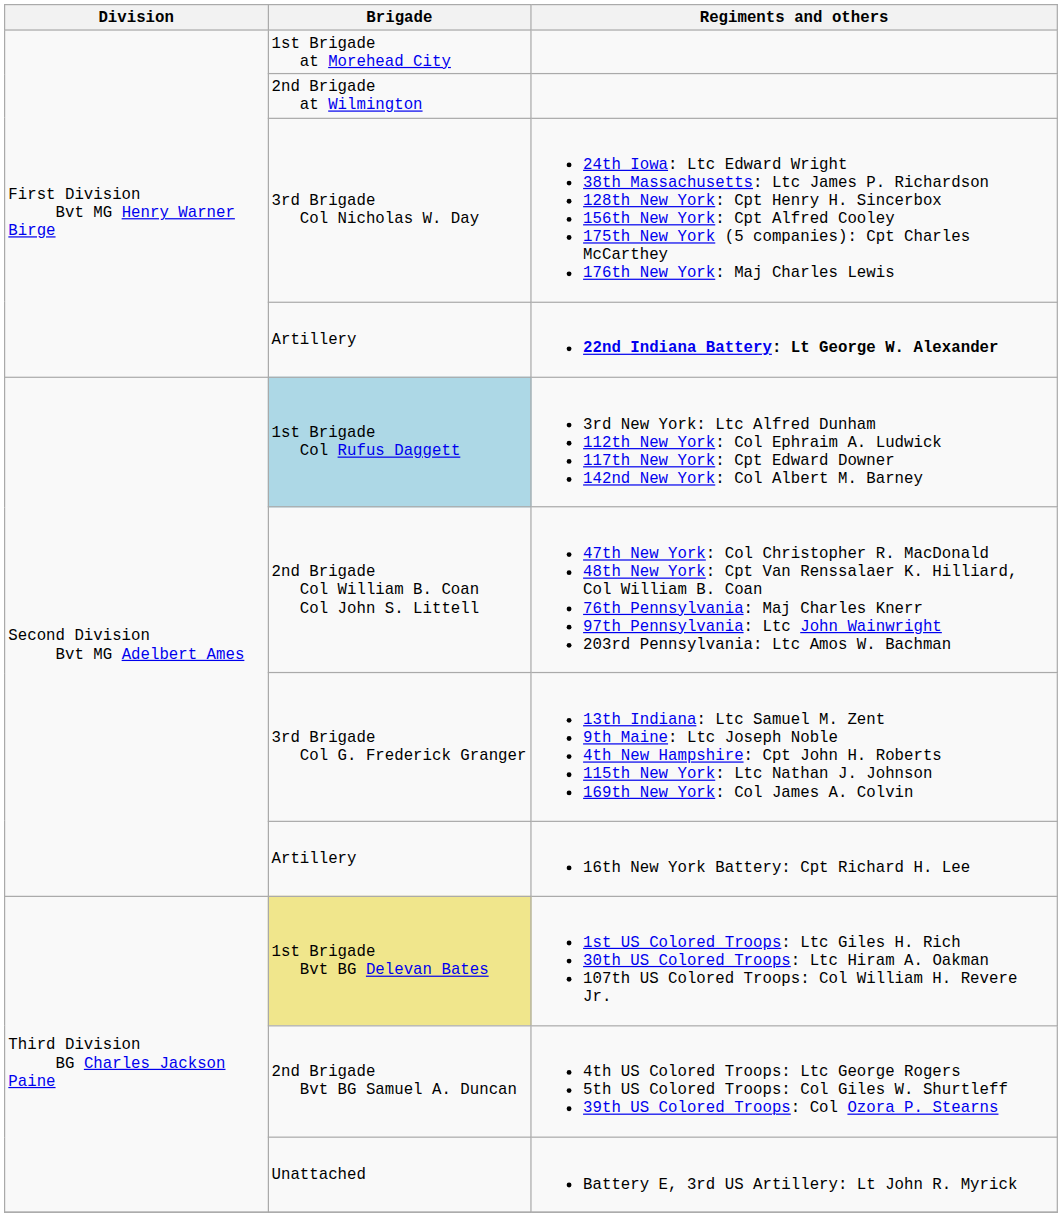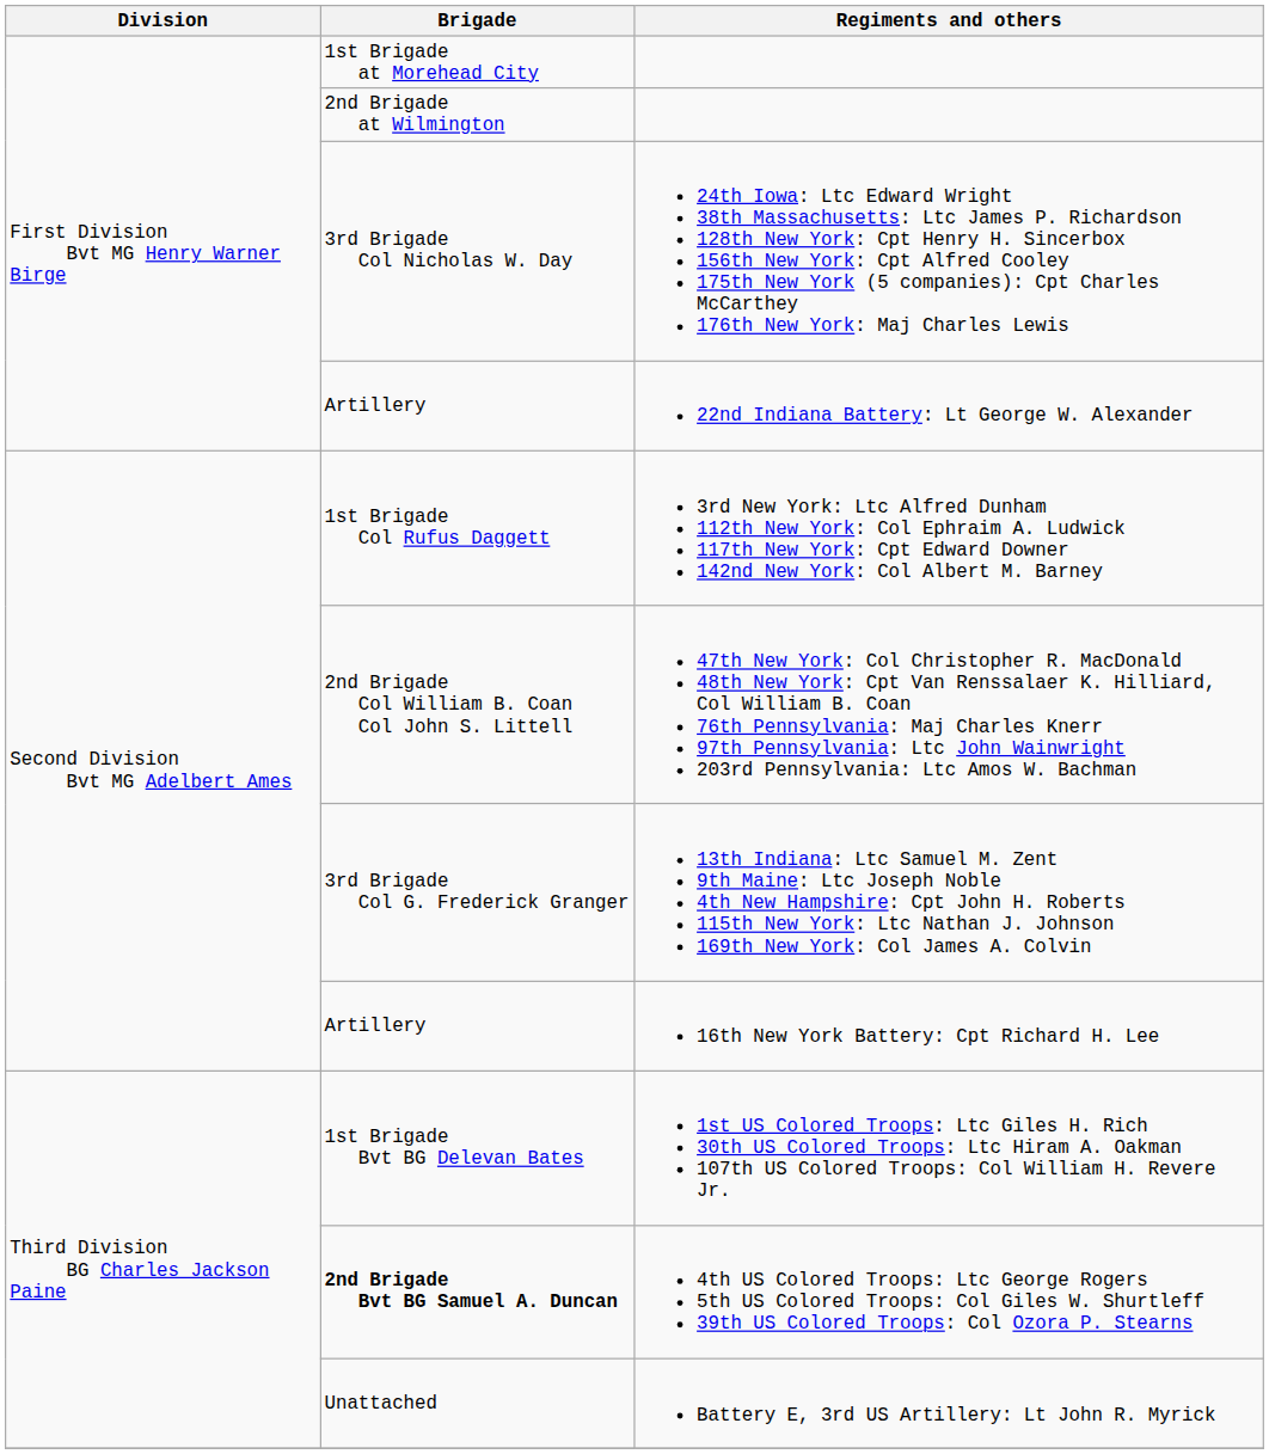 <table class="wikitable">
 <tr>
 <th width=25%>Division</th>
 <th width=25%>Brigade</th>
 <th>Regiments and others</th>
 </tr>
 <tr>
 <td rowspan=4><br>First Division <br>     Bvt MG <a href='#'>Henry Warner Birge</a></td>
 <td>1st Brigade<br>   at <a href='#'>Morehead City</a></td>
 <td></td>
 </tr>
 <tr>
 <td>2nd Brigade<br>   at <a href='#'>Wilmington</a></td>
 <td></td>
 </tr>
 <tr>
 <td>3rd Brigade<br>   Col Nicholas W. Day</td>
 <td><br><ul><li><a href='#'>24th Iowa</a>: Ltc Edward Wright</li><li><a href='#'>38th Massachusetts</a>: Ltc James P. Richardson</li><li><a href='#'>128th New York</a>: Cpt Henry H. Sincerbox</li><li><a href='#'>156th New York</a>: Cpt Alfred Cooley</li><li><a href='#'>175th New York</a> (5 companies): Cpt Charles McCarthey</li><li><a href='#'>176th New York</a>: Maj Charles Lewis</li></ul></td>
 </tr>
 <tr>
 <td>Artillery</td>
-<td><strong><br><ul><li><a href='#'>22nd Indiana Battery</a>: Lt George W. Alexander</li></ul></strong></td>
+<td><br><ul><li><a href='#'>22nd Indiana Battery</a>: Lt George W. Alexander</li></ul></td>
 </tr>
 <tr>
 <td rowspan=4><br>Second Division <br>     Bvt MG <a href='#'>Adelbert Ames</a></td>
-<td style="background: lightblue;">1st Brigade<br>   Col <a href='#'>Rufus Daggett</a></td>
+<td>1st Brigade<br>   Col <a href='#'>Rufus Daggett</a></td>
 <td><br><ul><li>3rd New York: Ltc Alfred Dunham</li><li><a href='#'>112th New York</a>: Col Ephraim A. Ludwick</li><li><a href='#'>117th New York</a>: Cpt Edward Downer</li><li><a href='#'>142nd New York</a>: Col Albert M. Barney</li></ul></td>
 </tr>
 <tr>
 <td>2nd Brigade<br>   Col William B. Coan<br>   Col John S. Littell</td>
 <td><br><ul><li><a href='#'>47th New York</a>: Col Christopher R. MacDonald</li><li><a href='#'>48th New York</a>: Cpt Van Renssalaer K. Hilliard, Col William B. Coan</li><li><a href='#'>76th Pennsylvania</a>: Maj Charles Knerr</li><li><a href='#'>97th Pennsylvania</a>: Ltc <a href='#'>John Wainwright</a></li><li>203rd Pennsylvania: Ltc Amos W. Bachman</li></ul></td>
 </tr>
 <tr>
 <td>3rd Brigade<br>   Col G. Frederick Granger</td>
 <td><br><ul><li><a href='#'>13th Indiana</a>: Ltc Samuel M. Zent</li><li><a href='#'>9th Maine</a>: Ltc Joseph Noble</li><li><a href='#'>4th New Hampshire</a>: Cpt John H. Roberts</li><li><a href='#'>115th New York</a>: Ltc Nathan J. Johnson</li><li><a href='#'>169th New York</a>: Col James A. Colvin</li></ul></td>
 </tr>
 <tr>
 <td>Artillery</td>
 <td><br><ul><li>16th New York Battery: Cpt Richard H. Lee</li></ul></td>
 </tr>
 <tr>
 <td rowspan=3><br>Third Division <br>     BG <a href='#'>Charles Jackson Paine</a></td>
-<td style="background: khaki;">1st Brigade<br>   Bvt BG <a href='#'>Delevan Bates</a></td>
+<td>1st Brigade<br>   Bvt BG <a href='#'>Delevan Bates</a></td>
 <td><br><ul><li><a href='#'>1st US Colored Troops</a>: Ltc Giles H. Rich</li><li><a href='#'>30th US Colored Troops</a>: Ltc Hiram A. Oakman</li><li>107th US Colored Troops: Col William H. Revere Jr.</li></ul></td>
 </tr>
 <tr>
-<td>2nd Brigade<br>   Bvt BG Samuel A. Duncan</td>
+<td><strong>2nd Brigade<br>   Bvt BG Samuel A. Duncan</strong></td>
 <td><br><ul><li>4th US Colored Troops: Ltc George Rogers</li><li>5th US Colored Troops: Col Giles W. Shurtleff</li><li><a href='#'>39th US Colored Troops</a>: Col <a href='#'>Ozora P. Stearns</a></li></ul></td>
 </tr>
 <tr>
 <td>Unattached</td>
 <td><br><ul><li>Battery E, 3rd US Artillery: Lt John R. Myrick</li></ul></td>
 </tr>
 <tr>
 </tr>
 </table>
